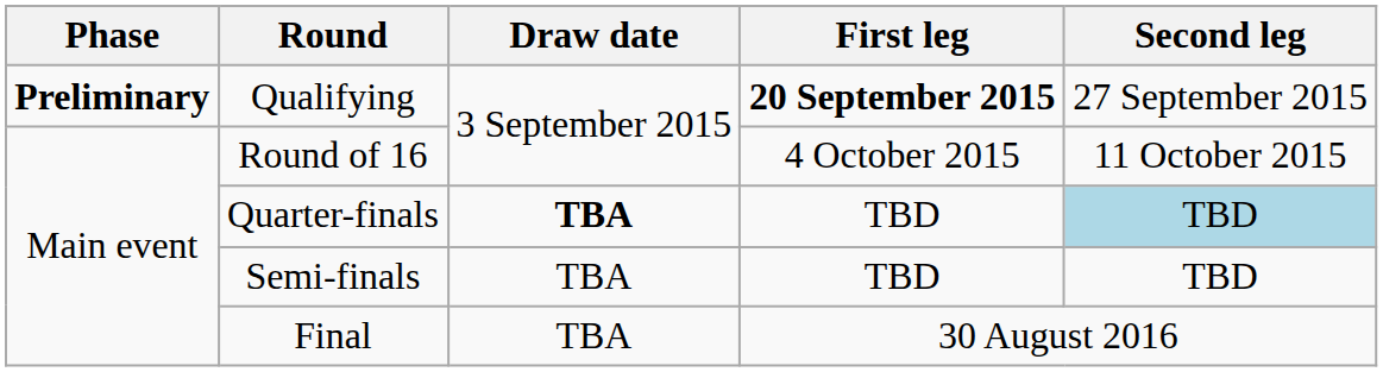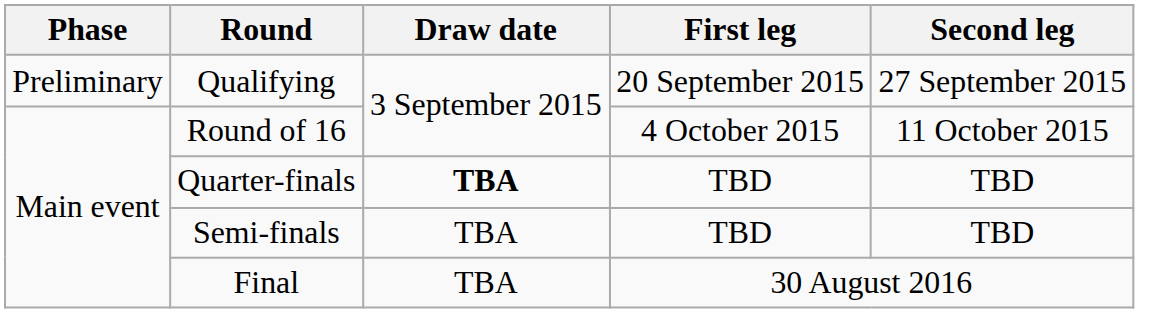 <table class="wikitable" style="text-align:center">
 <tr>
 <th>Phase</th>
 <th>Round</th>
 <th>Draw date</th>
 <th>First leg</th>
 <th>Second leg</th>
 </tr>
 <tr>
-<td><strong>Preliminary</strong></td>
+<td>Preliminary</td>
 <td>Qualifying</td>
 <td rowspan=2>3 September 2015</td>
-<td><strong>20 September 2015</strong></td>
+<td>20 September 2015</td>
 <td>27 September 2015</td>
 </tr>
 <tr>
 <td rowspan=7>Main event</td>
 <td>Round of 16</td>
 <td>4 October 2015</td>
 <td>11 October 2015</td>
 </tr>
 <tr>
 <td>Quarter-finals</td>
 <td><strong>TBA</strong></td>
 <td>TBD</td>
-<td style="background: lightblue;">TBD</td>
+<td>TBD</td>
 </tr>
 <tr>
 <td>Semi-finals</td>
 <td>TBA</td>
 <td>TBD</td>
 <td>TBD</td>
 </tr>
 <tr>
 <td>Final</td>
 <td>TBA</td>
 <td colspan="2">30 August 2016</td>
 </tr>
 </table>
